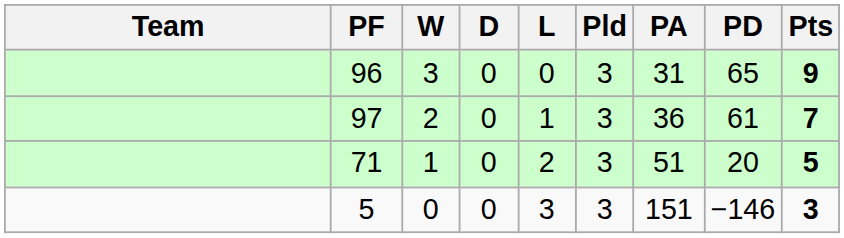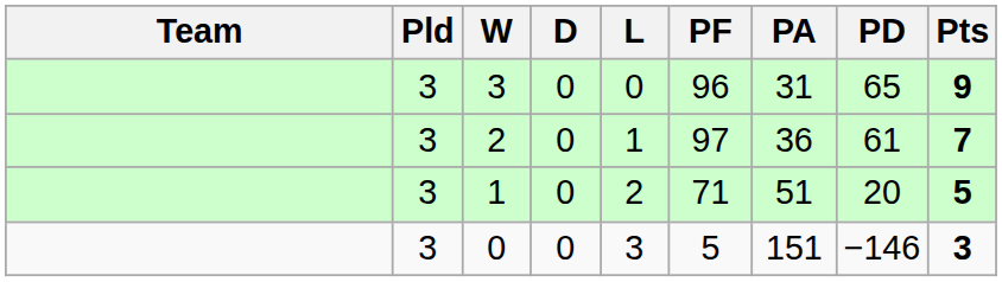 <table class="wikitable" style="text-align:center;">
 <tr>
 <th width=175>Team</th>
-<th width=32 abbr="Points for">PF</th>
+<th width=25 abbr="Played">Pld</th>
 <th width=25 abbr="Won">W</th>
 <th width=25 abbr="Drawn">D</th>
 <th width=25 abbr="Lost">L</th>
-<th width=25 abbr="Played">Pld</th>
+<th width=32 abbr="Points for">PF</th>
 <th width=32 abbr="Points against">PA</th>
 <th width=32 abbr="Points difference">PD</th>
 <th width=25 abbr="Points">Pts</th>
 </tr>
 <tr bgcolor=ccffcc>
 <td align=left></td>
-<td>96</td>
+<td>3</td>
 <td>3</td>
 <td>0</td>
 <td>0</td>
-<td>3</td>
+<td>96</td>
 <td>31</td>
 <td>65</td>
 <td><strong>9</strong></td>
 </tr>
 <tr bgcolor=ccffcc>
 <td align=left></td>
-<td>97</td>
+<td>3</td>
 <td>2</td>
 <td>0</td>
 <td>1</td>
-<td>3</td>
+<td>97</td>
 <td>36</td>
 <td>61</td>
 <td><strong>7</strong></td>
 </tr>
 <tr bgcolor=ccffcc>
 <td align=left></td>
-<td>71</td>
+<td>3</td>
 <td>1</td>
 <td>0</td>
 <td>2</td>
-<td>3</td>
+<td>71</td>
 <td>51</td>
 <td>20</td>
 <td><strong>5</strong></td>
 </tr>
 <tr>
 <td align=left></td>
-<td>5</td>
+<td>3</td>
 <td>0</td>
 <td>0</td>
 <td>3</td>
-<td>3</td>
+<td>5</td>
 <td>151</td>
 <td>−146</td>
 <td><strong>3</strong></td>
 </tr>
 </table>
